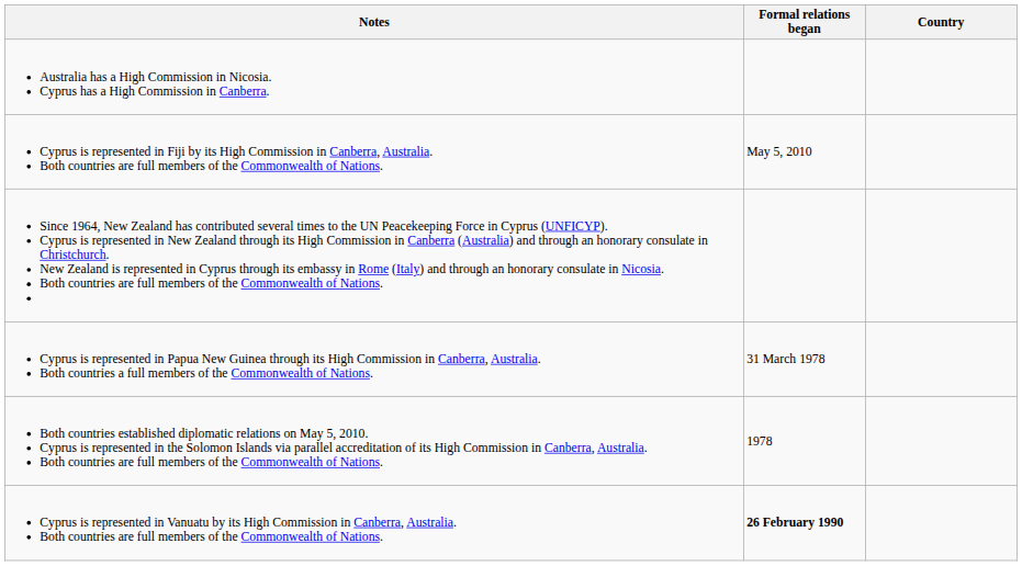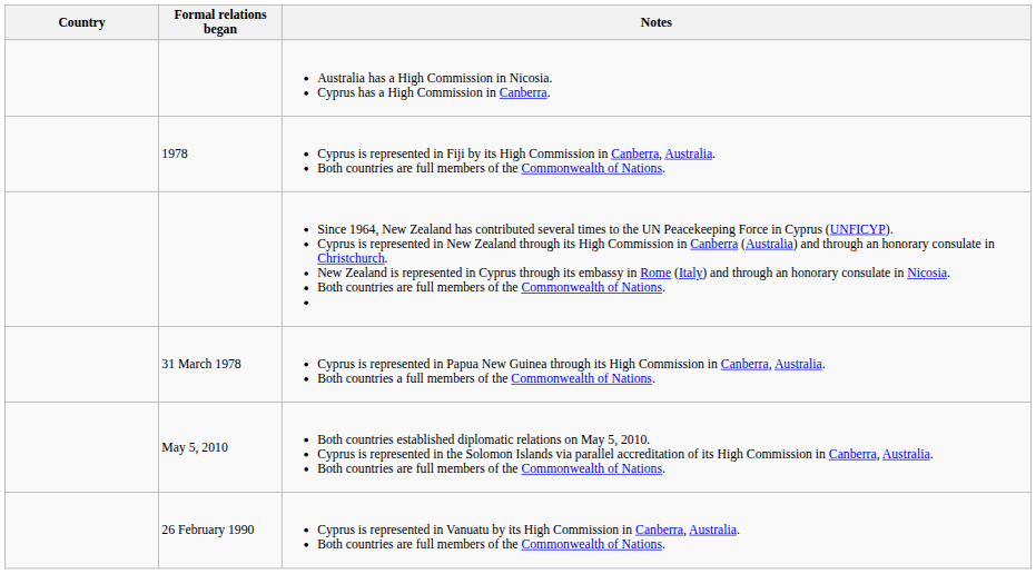 <table class="wikitable sortable" border="1" style="width:100%; margin:auto;">
 <tr>
+<th width="15%">Country</th>
+<th width="12%">Formal relations began</th>
 <th>Notes</th>
-<th width="12%">Formal relations began</th>
-<th width="15%">Country</th>
 </tr>
 <tr -valign="top">
-<td><br><ul><li>Australia has a High Commission in Nicosia.</li><li>Cyprus has a High Commission in <a href='#'>Canberra</a>.</li></ul></td>
 <td></td>
 <td></td>
+<td><br><ul><li>Australia has a High Commission in Nicosia.</li><li>Cyprus has a High Commission in <a href='#'>Canberra</a>.</li></ul></td>
 </tr>
 <tr -valign="top">
+<td></td>
+<td>1978</td>
 <td><br><ul><li>Cyprus is represented in Fiji by its High Commission in <a href='#'>Canberra</a>, <a href='#'>Australia</a>.</li><li>Both countries are full members of the <a href='#'>Commonwealth of Nations</a>.</li></ul></td>
-<td>May 5, 2010</td>
-<td></td>
 </tr>
 <tr -valign="top">
-<td><br><ul><li>Since 1964, New Zealand has contributed several times to the UN Peacekeeping Force in Cyprus (<a href='#'>UNFICYP</a>).</li><li>Cyprus is represented in New Zealand through its High Commission in <a href='#'>Canberra</a> (<a href='#'>Australia</a>) and through an honorary consulate in <a href='#'>Christchurch</a>.</li><li>New Zealand is represented in Cyprus through its embassy in <a href='#'>Rome</a> (<a href='#'>Italy</a>) and through an honorary consulate in <a href='#'>Nicosia</a>.</li><li>Both countries are full members of the <a href='#'>Commonwealth of Nations</a>.</li><li> </li></ul></td>
 <td></td>
 <td></td>
+<td><br><ul><li>Since 1964, New Zealand has contributed several times to the UN Peacekeeping Force in Cyprus (<a href='#'>UNFICYP</a>).</li><li>Cyprus is represented in New Zealand through its High Commission in <a href='#'>Canberra</a> (<a href='#'>Australia</a>) and through an honorary consulate in <a href='#'>Christchurch</a>.</li><li>New Zealand is represented in Cyprus through its embassy in <a href='#'>Rome</a> (<a href='#'>Italy</a>) and through an honorary consulate in <a href='#'>Nicosia</a>.</li><li>Both countries are full members of the <a href='#'>Commonwealth of Nations</a>.</li><li> </li></ul></td>
 </tr>
 <tr -valign="top">
+<td></td>
+<td>31 March 1978</td>
 <td><br><ul><li>Cyprus is represented in Papua New Guinea through its High Commission in <a href='#'>Canberra</a>, <a href='#'>Australia</a>.</li><li>Both countries a full members of the <a href='#'>Commonwealth of Nations</a>.</li></ul></td>
-<td>31 March 1978</td>
-<td></td>
 </tr>
 <tr -valign="top">
+<td></td>
+<td>May 5, 2010</td>
 <td><br><ul><li>Both countries established diplomatic relations on May 5, 2010.</li><li>Cyprus is represented in the Solomon Islands via parallel accreditation of its High Commission in <a href='#'>Canberra</a>, <a href='#'>Australia</a>.</li><li>Both countries are full members of the <a href='#'>Commonwealth of Nations</a>.</li></ul></td>
-<td>1978</td>
-<td></td>
 </tr>
 <tr -valign="top">
+<td></td>
+<td>26 February 1990</td>
 <td><br><ul><li>Cyprus is represented in Vanuatu by its High Commission in <a href='#'>Canberra</a>, <a href='#'>Australia</a>.</li><li>Both countries are full members of the <a href='#'>Commonwealth of Nations</a>.</li></ul></td>
-<td><strong>26 February 1990</strong></td>
-<td></td>
 </tr>
 </table>
